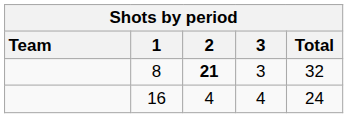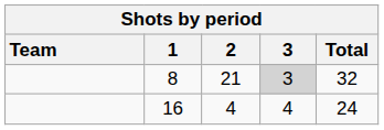 <table class="wikitable" style="width:20em; text-align:right;">
 <tr>
 <th colspan="6">Shots by period</th>
 </tr>
 <tr>
 <th style="width:8em; text-align:left;">Team</th>
 <th style="width:3em;">1</th>
 <th style="width:3em;">2</th>
 <th style="width:3em;">3</th>
 <th style="width:3em;">Total</th>
 </tr>
 <tr>
 <td style="text-align:left;"></td>
 <td style="text-align:center;">8</td>
-<td style="text-align:center;"><strong>21</strong></td>
-<td style="text-align:center;">3</td>
+<td style="text-align:center;">21</td>
+<td style="background: lightgrey; text-align:center;">3</td>
 <td style="text-align:center;">32</td>
 </tr>
 <tr>
 <td style="text-align:left;"></td>
 <td style="text-align:center;">16</td>
 <td style="text-align:center;">4</td>
 <td = style="text-align:center;">4</td>
 <td style="text-align:center;">24</td>
 </tr>
 </table>
